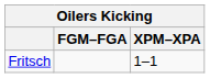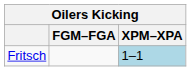 <table class="wikitable">
 <tr>
 <th colspan="3">Oilers Kicking</th>
 </tr>
 <tr>
 <th></th>
 <th>FGM–FGA</th>
 <th>XPM–XPA</th>
 </tr>
 <tr>
 <td><a href='#'>Fritsch</a></td>
 <td></td>
-<td>1–1</td>
+<td style="background: lightblue;">1–1</td>
 </tr>
 </table>
